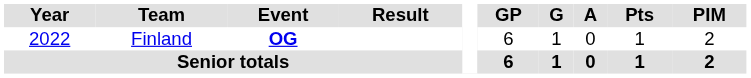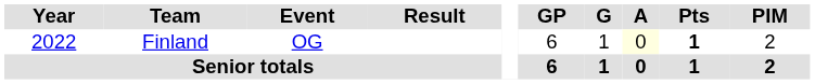 <table border="0" cellpadding="1" cellspacing="0" style="text-align:center; width:40em">
 <tr ALIGN="center" bgcolor="#e0e0e0">
 <th>Year</th>
 <th>Team</th>
 <th>Event</th>
 <th>Result</th>
 <th rowspan="99" bgcolor="#ffffff"> </th>
 <th>GP</th>
 <th>G</th>
 <th>A</th>
 <th>Pts</th>
 <th>PIM</th>
 </tr>
 <tr>
 <td><a href='#'>2022</a></td>
 <td><a href='#'>Finland</a></td>
-<td><strong><a href='#'>OG</a></strong></td>
+<td><a href='#'>OG</a></td>
 <td></td>
 <td>6</td>
 <td>1</td>
-<td>0</td>
-<td>1</td>
+<td style="background: lightyellow;">0</td>
+<td><strong>1</strong></td>
 <td>2</td>
 </tr>
 <tr bgcolor="#e0e0e0">
 <th colspan="4">Senior totals</th>
 <th>6</th>
 <th>1</th>
 <th>0</th>
 <th>1</th>
 <th>2</th>
 </tr>
 </table>
